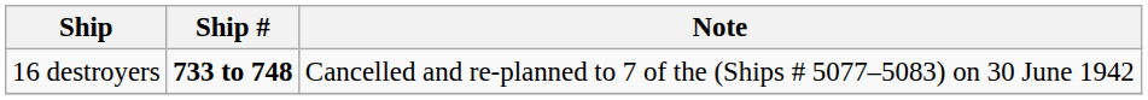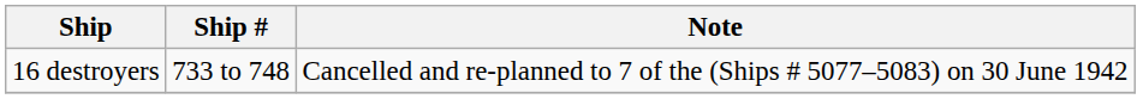 <table class="wikitable">
 <tr>
 <th><strong>Ship</strong></th>
 <th><strong>Ship #</strong></th>
 <th><strong>Note</strong></th>
 </tr>
 <tr>
 <td>16 destroyers</td>
-<td><strong>733 to 748</strong></td>
+<td>733 to 748</td>
 <td>Cancelled and re-planned to 7 of the  (Ships # 5077–5083) on 30 June 1942</td>
 </tr>
 <tr>
 </tr>
 </table>
